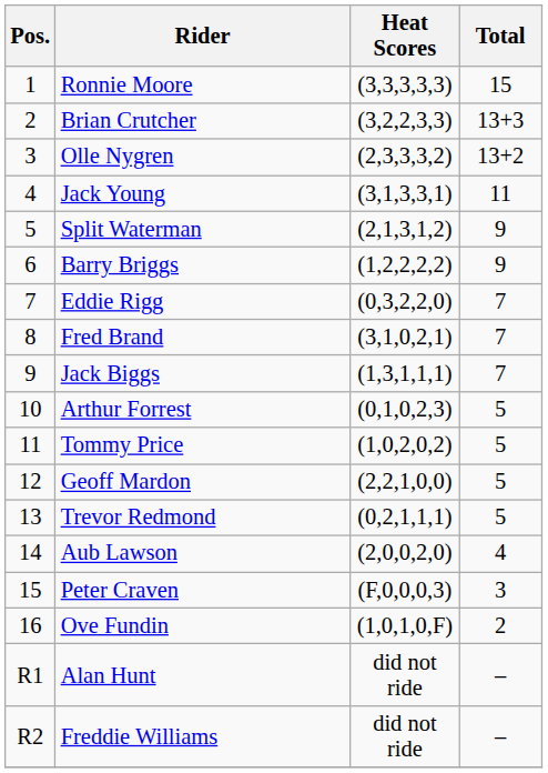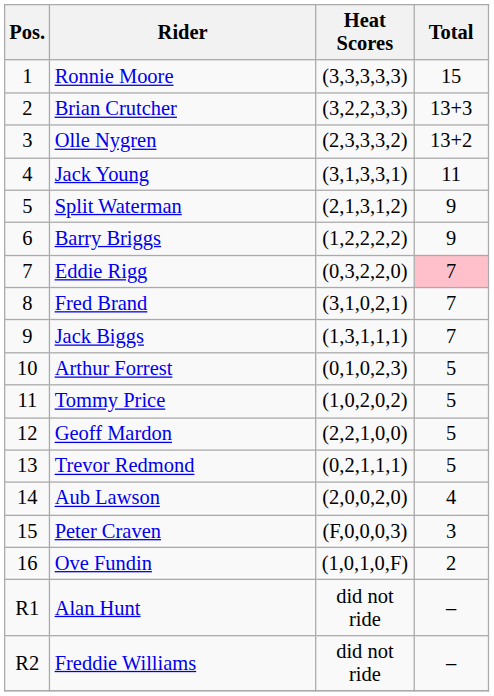 <table class="wikitable" style="text-align:center;">
 <tr>
 <th width=25px>Pos.</th>
 <th width=200px>Rider</th>
 <th width=70px>Heat Scores</th>
 <th width=50px>Total</th>
 </tr>
 <tr>
 <td>1</td>
 <td align=left> <a href='#'>Ronnie Moore</a></td>
 <td>(3,3,3,3,3)</td>
 <td>15</td>
 </tr>
 <tr>
 <td>2</td>
 <td align=left> <a href='#'>Brian Crutcher</a></td>
 <td>(3,2,2,3,3)</td>
 <td>13+3</td>
 </tr>
 <tr>
 <td>3</td>
 <td align=left> <a href='#'>Olle Nygren</a></td>
 <td>(2,3,3,3,2)</td>
 <td>13+2</td>
 </tr>
 <tr>
 <td>4</td>
 <td align=left> <a href='#'>Jack Young</a></td>
 <td>(3,1,3,3,1)</td>
 <td>11</td>
 </tr>
 <tr>
 <td>5</td>
 <td align=left> <a href='#'>Split Waterman</a></td>
 <td>(2,1,3,1,2)</td>
 <td>9</td>
 </tr>
 <tr>
 <td>6</td>
 <td align=left> <a href='#'>Barry Briggs</a></td>
 <td>(1,2,2,2,2)</td>
 <td>9</td>
 </tr>
 <tr>
 <td>7</td>
 <td align=left> <a href='#'>Eddie Rigg</a></td>
 <td>(0,3,2,2,0)</td>
-<td>7</td>
+<td style="background: pink;">7</td>
 </tr>
 <tr>
 <td>8</td>
 <td align=left> <a href='#'>Fred Brand</a></td>
 <td>(3,1,0,2,1)</td>
 <td>7</td>
 </tr>
 <tr>
 <td>9</td>
 <td align=left> <a href='#'>Jack Biggs</a></td>
 <td>(1,3,1,1,1)</td>
 <td>7</td>
 </tr>
 <tr>
 <td>10</td>
 <td align=left> <a href='#'>Arthur Forrest</a></td>
 <td>(0,1,0,2,3)</td>
 <td>5</td>
 </tr>
 <tr>
 <td>11</td>
 <td align=left> <a href='#'>Tommy Price</a></td>
 <td>(1,0,2,0,2)</td>
 <td>5</td>
 </tr>
 <tr>
 <td>12</td>
 <td align=left> <a href='#'>Geoff Mardon</a></td>
 <td>(2,2,1,0,0)</td>
 <td>5</td>
 </tr>
 <tr>
 <td>13</td>
 <td align=left> <a href='#'>Trevor Redmond</a></td>
 <td>(0,2,1,1,1)</td>
 <td>5</td>
 </tr>
 <tr>
 <td>14</td>
 <td align=left> <a href='#'>Aub Lawson</a></td>
 <td>(2,0,0,2,0)</td>
 <td>4</td>
 </tr>
 <tr>
 <td>15</td>
 <td align=left> <a href='#'>Peter Craven</a></td>
 <td>(F,0,0,0,3)</td>
 <td>3</td>
 </tr>
 <tr>
 <td>16</td>
 <td align=left> <a href='#'>Ove Fundin</a></td>
 <td>(1,0,1,0,F)</td>
 <td>2</td>
 </tr>
 <tr>
 <td>R1</td>
 <td align=left> <a href='#'>Alan Hunt</a></td>
 <td>did not ride</td>
 <td>–</td>
 </tr>
 <tr>
 <td>R2</td>
 <td align=left> <a href='#'>Freddie Williams</a></td>
 <td>did not ride</td>
 <td>–</td>
 </tr>
 <tr>
 </tr>
 </table>
